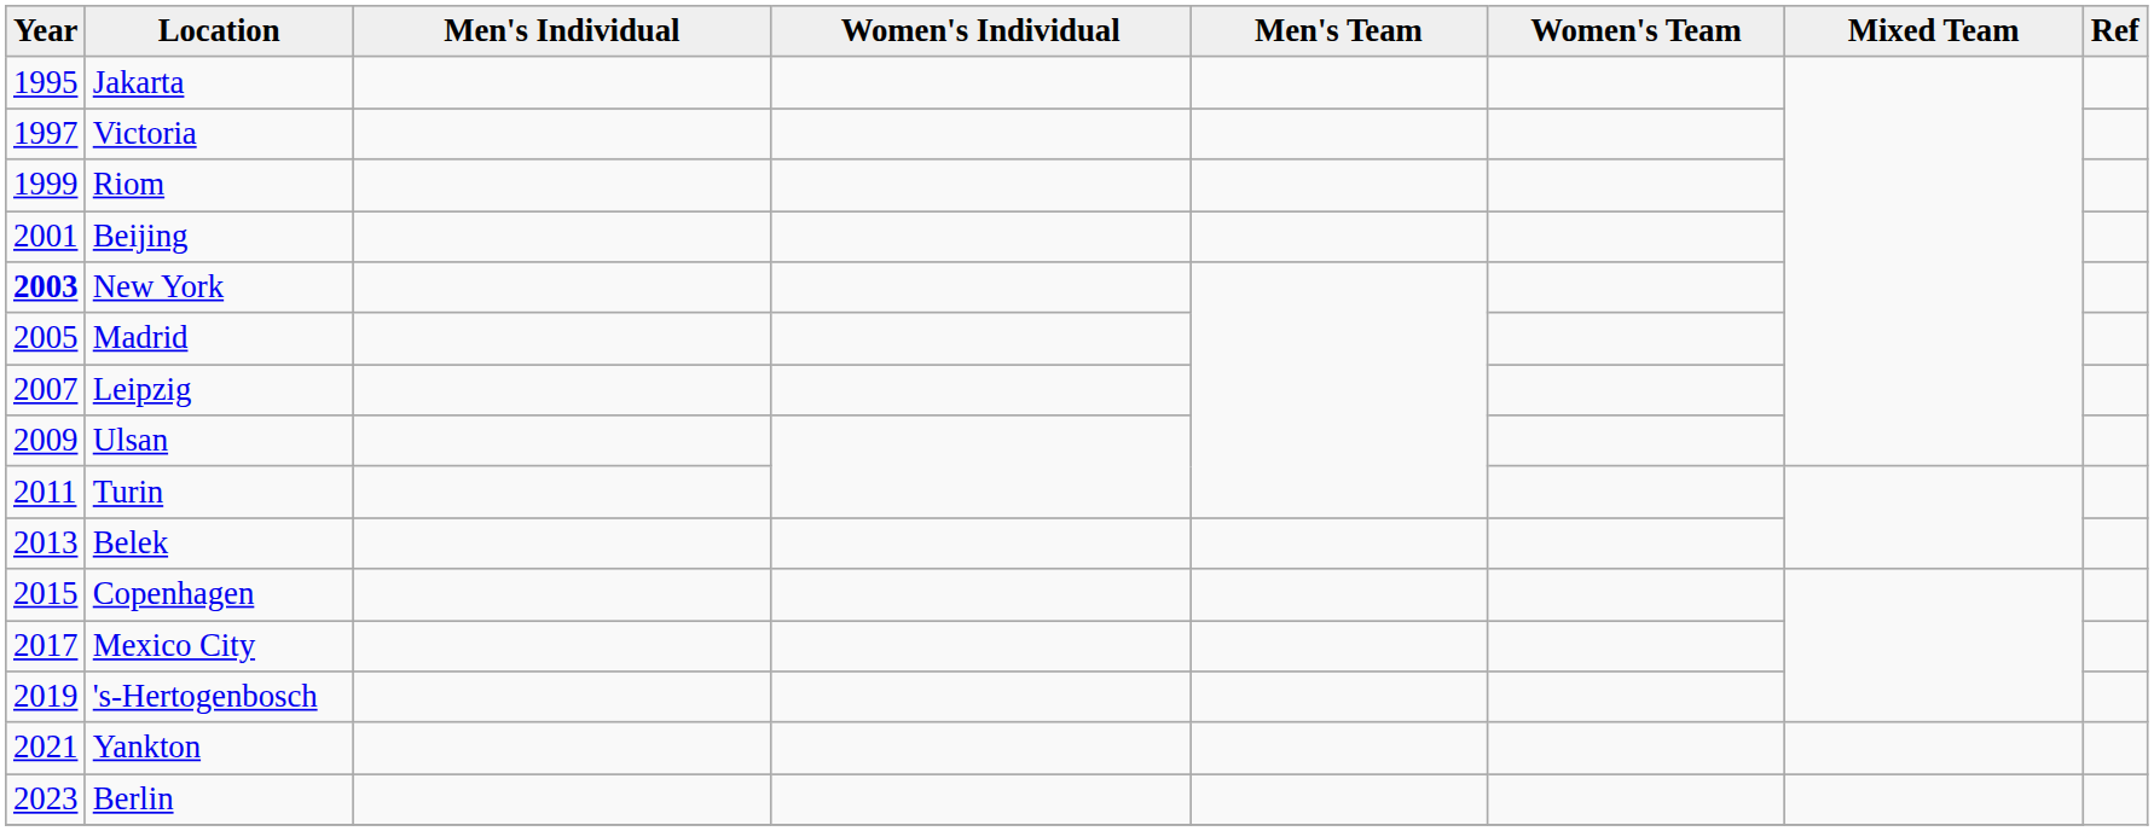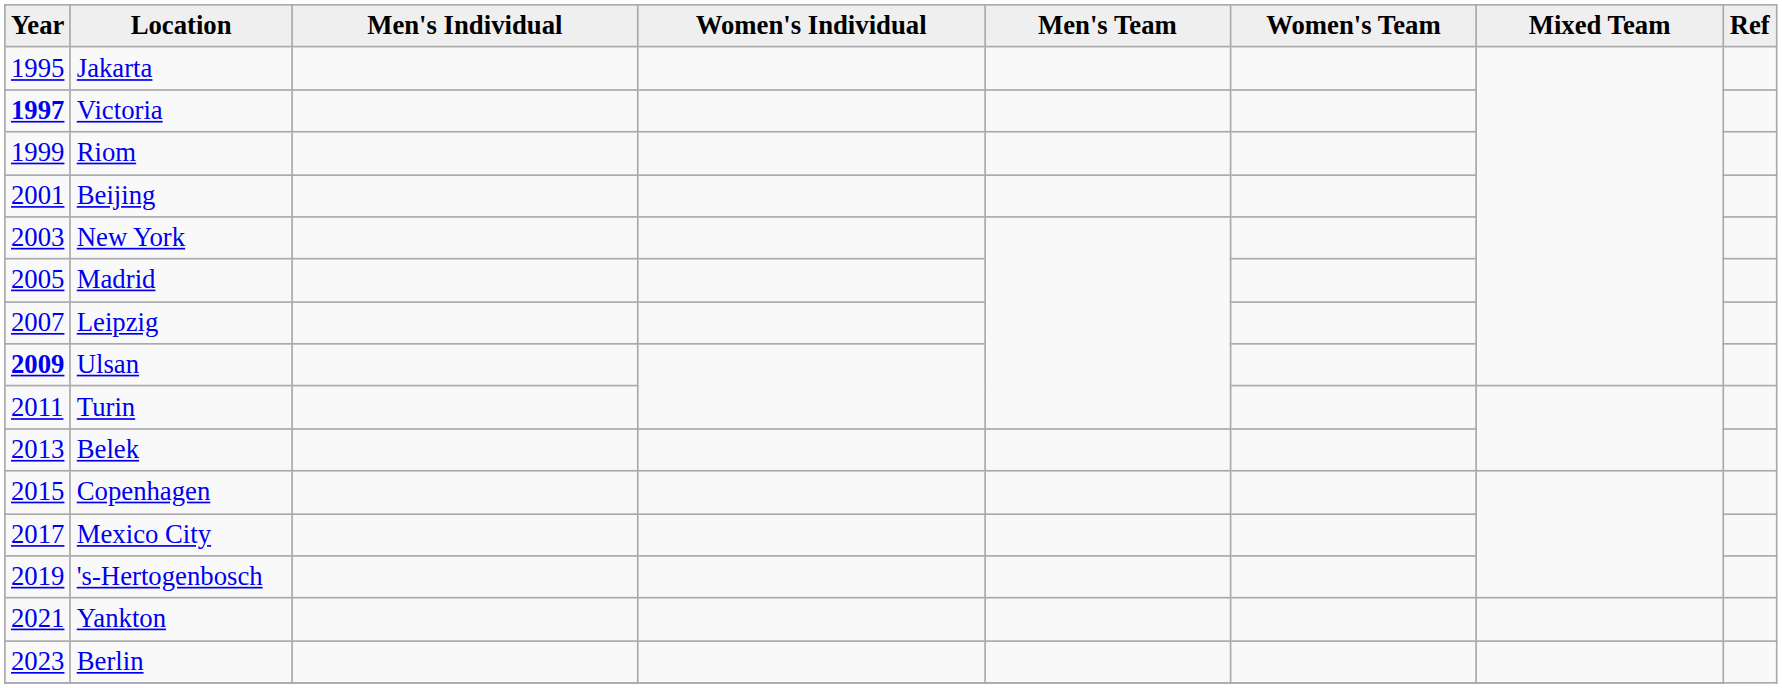 <table class="wikitable">
 <tr>
 <th scope="col" ! width="25" style="background: #efefef;">Year</th>
 <th scope="col" ! width="125" style="background: #efefef;">Location</th>
 <th scope="col" ! width="200" style="background: #efefef;">Men's Individual</th>
 <th scope="col" ! width="200" style="background: #efefef;">Women's Individual</th>
 <th scope="col" ! width="140" style="background: #efefef;">Men's Team</th>
 <th scope="col" ! width="140" style="background: #efefef;">Women's Team</th>
 <th scope="col" ! width="140" style="background: #efefef;">Mixed Team</th>
 <th scope="col" ! width="25" style="background: #efefef;">Ref</th>
 </tr>
 <tr>
 <td><a href='#'>1995</a></td>
 <td> <a href='#'>Jakarta</a></td>
 <td></td>
 <td></td>
 <td></td>
 <td></td>
 <td rowspan=8></td>
 <td></td>
 </tr>
 <tr>
-<td><a href='#'>1997</a></td>
+<td><strong><a href='#'>1997</a></strong></td>
 <td> <a href='#'>Victoria</a></td>
 <td></td>
 <td></td>
 <td></td>
 <td></td>
 <td></td>
 </tr>
 <tr>
 <td><a href='#'>1999</a></td>
 <td> <a href='#'>Riom</a></td>
 <td></td>
 <td></td>
 <td></td>
 <td></td>
 <td></td>
 </tr>
 <tr>
 <td><a href='#'>2001</a></td>
 <td> <a href='#'>Beijing</a></td>
 <td></td>
 <td></td>
 <td></td>
 <td></td>
 <td></td>
 </tr>
 <tr>
-<td><strong><a href='#'>2003</a></strong></td>
+<td><a href='#'>2003</a></td>
 <td> <a href='#'>New York</a></td>
 <td></td>
 <td></td>
 <td rowspan=5></td>
 <td></td>
 <td></td>
 </tr>
 <tr>
 <td><a href='#'>2005</a></td>
 <td> <a href='#'>Madrid</a></td>
 <td></td>
 <td></td>
 <td></td>
 <td></td>
 </tr>
 <tr>
 <td><a href='#'>2007</a></td>
 <td> <a href='#'>Leipzig</a></td>
 <td></td>
 <td></td>
 <td></td>
 <td></td>
 </tr>
 <tr>
-<td><a href='#'>2009</a></td>
+<td><strong><a href='#'>2009</a></strong></td>
 <td> <a href='#'>Ulsan</a></td>
 <td></td>
 <td rowspan=2></td>
 <td></td>
 <td></td>
 </tr>
 <tr>
 <td><a href='#'>2011</a></td>
 <td> <a href='#'>Turin</a></td>
 <td></td>
 <td></td>
 <td rowspan=2></td>
 <td></td>
 </tr>
 <tr>
 <td><a href='#'>2013</a></td>
 <td> <a href='#'>Belek</a></td>
 <td></td>
 <td></td>
 <td></td>
 <td></td>
 <td></td>
 </tr>
 <tr>
 <td><a href='#'>2015</a></td>
 <td> <a href='#'>Copenhagen</a></td>
 <td></td>
 <td></td>
 <td></td>
 <td></td>
 <td rowspan=3></td>
 <td></td>
 </tr>
 <tr>
 <td><a href='#'>2017</a></td>
 <td> <a href='#'>Mexico City</a></td>
 <td></td>
 <td></td>
 <td></td>
 <td></td>
 <td></td>
 </tr>
 <tr>
 <td><a href='#'>2019</a></td>
 <td> <a href='#'>'s-Hertogenbosch</a></td>
 <td></td>
 <td></td>
 <td></td>
 <td></td>
 <td></td>
 </tr>
 <tr>
 <td><a href='#'>2021</a></td>
 <td> <a href='#'>Yankton</a></td>
 <td></td>
 <td></td>
 <td></td>
 <td></td>
 <td></td>
 <td></td>
 </tr>
 <tr>
 <td><a href='#'>2023</a></td>
 <td> <a href='#'>Berlin</a></td>
 <td></td>
 <td></td>
 <td></td>
 <td></td>
 <td></td>
 </tr>
 <tr>
 </tr>
 </table>
